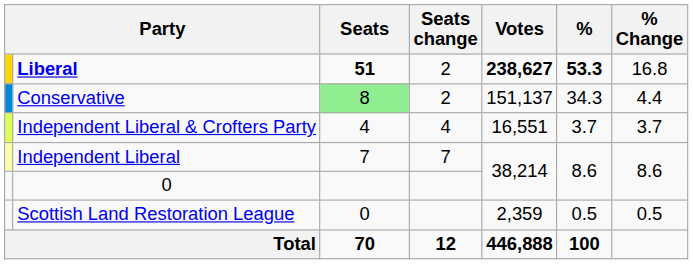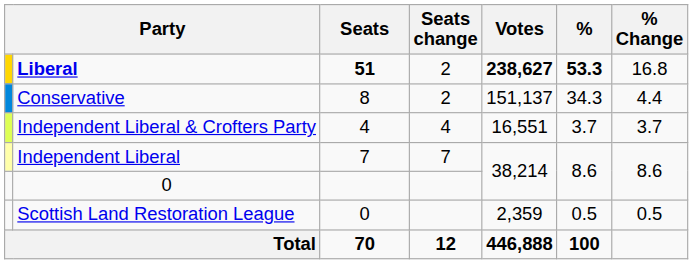 <table class="wikitable sortable">
 <tr>
 <th style="width:100px" colspan=2>Party</th>
 <th style="width:70px;">Seats</th>
 <th style="width:40px;">Seats change</th>
 <th style="width:40px;">Votes</th>
 <th style="width:40px;">%</th>
 <th style="width:40px;">% Change</th>
 </tr>
 <tr>
 <td bgcolor="#FFD700"></td>
 <td><strong><a href='#'>Liberal</a></strong></td>
 <td align=center><strong>51</strong></td>
 <td align=center> 2</td>
 <td align=center><strong>238,627</strong></td>
 <td align=center><strong>53.3</strong></td>
 <td align=center> 16.8</td>
 </tr>
 <tr>
 <td bgcolor="#0087DC"></td>
 <td><a href='#'>Conservative</a></td>
-<td align=center style="background: lightgreen;">8</td>
+<td align=center>8</td>
 <td align=center> 2</td>
 <td align=center>151,137</td>
 <td align=center>34.3</td>
 <td align=center> 4.4</td>
 </tr>
 <tr>
 <td bgcolor="#DDFF55"></td>
 <td><a href='#'>Independent Liberal & Crofters Party</a></td>
 <td align=center>4</td>
 <td align=center> 4</td>
 <td align=center>16,551</td>
 <td align=center>3.7</td>
 <td align=center> 3.7</td>
 </tr>
 <tr>
 <td bgcolor=#FFFFAA></td>
 <td><a href='#'>Independent Liberal</a></td>
 <td align=center>7</td>
 <td align=center> 7</td>
 <td align=center rowspan=2>38,214</td>
 <td align=center rowspan=2>8.6</td>
 <td align=center rowspan=2> 8.6</td>
 </tr>
 <tr>
 <td></td>
 <td align=center>0</td>
 <td align=center></td>
 </tr>
 <tr>
 <td bgcolor=""></td>
 <td><a href='#'>Scottish Land Restoration League</a></td>
 <td align=center>0</td>
 <td align=center></td>
 <td align=center>2,359</td>
 <td align=center>0.5</td>
 <td align=center> 0.5</td>
 </tr>
 <tr>
 <th colspan=2 style=text-align:right>Total</th>
 <td align=center><strong>70</strong></td>
 <td align=center><strong> 12</strong></td>
 <td align=center><strong>446,888</strong></td>
 <td align=center><strong>100</strong></td>
 <td align=center></td>
 </tr>
 </table>
